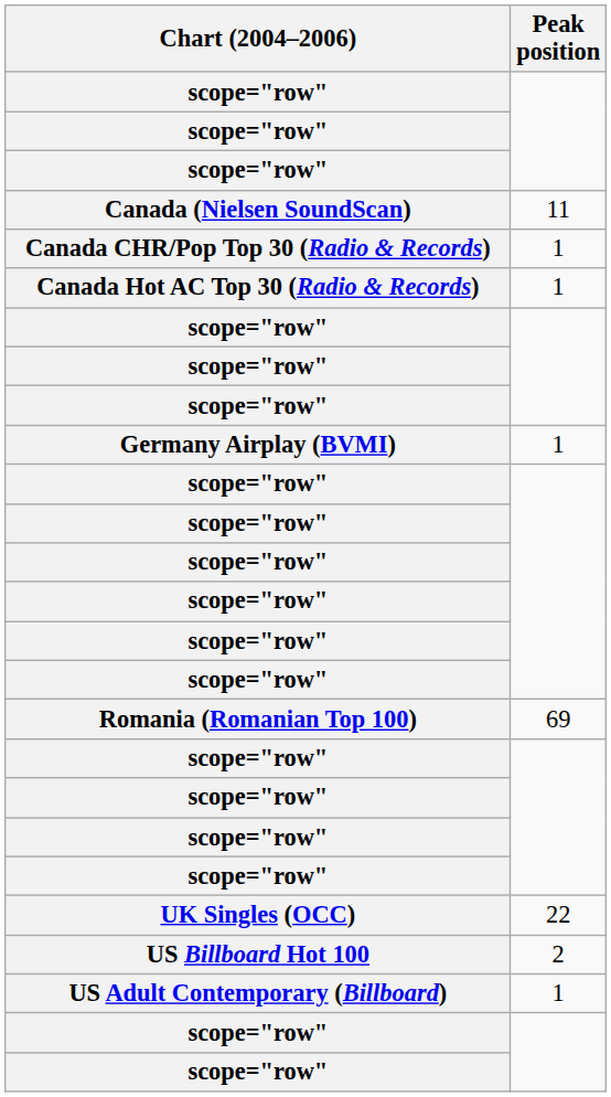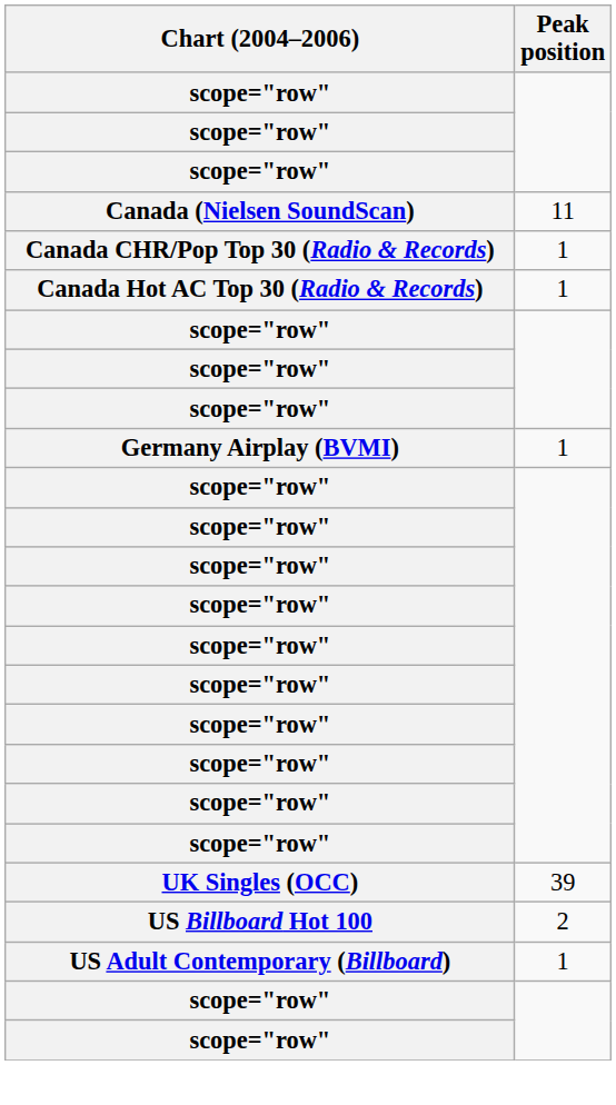 <table class="wikitable plainrowheaders sortable" style="text-align:center">
 <tr>
 <th scope="col" style="width:20em;">Chart (2004–2006)</th>
 <th scope="col">Peak<br>position</th>
 </tr>
 <tr>
 <th>scope="row"</th>
 </tr>
 <tr>
 <th>scope="row"</th>
 </tr>
 <tr>
 <th>scope="row"</th>
 </tr>
 <tr>
 <th scope="row">Canada (<a href='#'>Nielsen SoundScan</a>)</th>
 <td align="center">11</td>
 </tr>
 <tr>
 <th scope="row">Canada CHR/Pop Top 30 (<em><a href='#'>Radio & Records</a></em>)</th>
 <td>1</td>
 </tr>
 <tr>
 <th scope="row">Canada Hot AC Top 30 (<em><a href='#'>Radio & Records</a></em>)</th>
 <td>1</td>
 </tr>
 <tr>
 <th>scope="row"</th>
 </tr>
 <tr>
 <th>scope="row"</th>
 </tr>
 <tr>
 <th>scope="row"</th>
 </tr>
 <tr>
 <th scope="row">Germany Airplay (<a href='#'>BVMI</a>)</th>
 <td>1</td>
 </tr>
 <tr>
 <th>scope="row"</th>
 </tr>
 <tr>
 <th>scope="row"</th>
 </tr>
 <tr>
 <th>scope="row"</th>
 </tr>
 <tr>
 <th>scope="row"</th>
 </tr>
 <tr>
 <th>scope="row"</th>
 </tr>
 <tr>
 <th>scope="row"</th>
 </tr>
 <tr>
-<th scope="row">Romania (<a href='#'>Romanian Top 100</a>)</th>
-<td>69</td>
-</tr>
-<tr>
 <th>scope="row"</th>
 </tr>
 <tr>
 <th>scope="row"</th>
 </tr>
 <tr>
 <th>scope="row"</th>
 </tr>
 <tr>
 <th>scope="row"</th>
 </tr>
 <tr>
 <th scope="row"><a href='#'>UK Singles</a> (<a href='#'>OCC</a>)</th>
-<td style="text-align:center;">22</td>
+<td style="text-align:center;">39</td>
 </tr>
 <tr>
 <th scope="row">US <a href='#'><em>Billboard</em> Hot 100</a></th>
 <td>2</td>
 </tr>
 <tr>
 <th scope="row">US <a href='#'>Adult Contemporary</a> (<em><a href='#'>Billboard</a></em>)</th>
 <td>1</td>
 </tr>
 <tr>
 <th>scope="row"</th>
 </tr>
 <tr>
 <th>scope="row"</th>
 </tr>
 </table>
